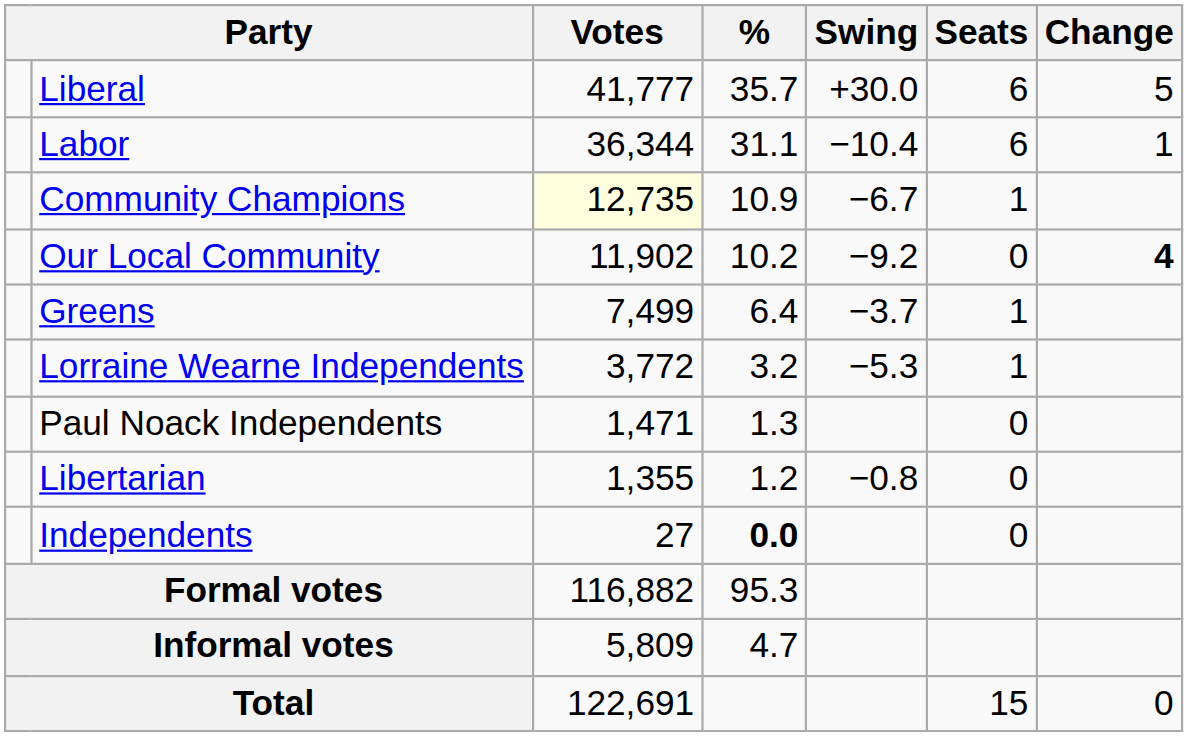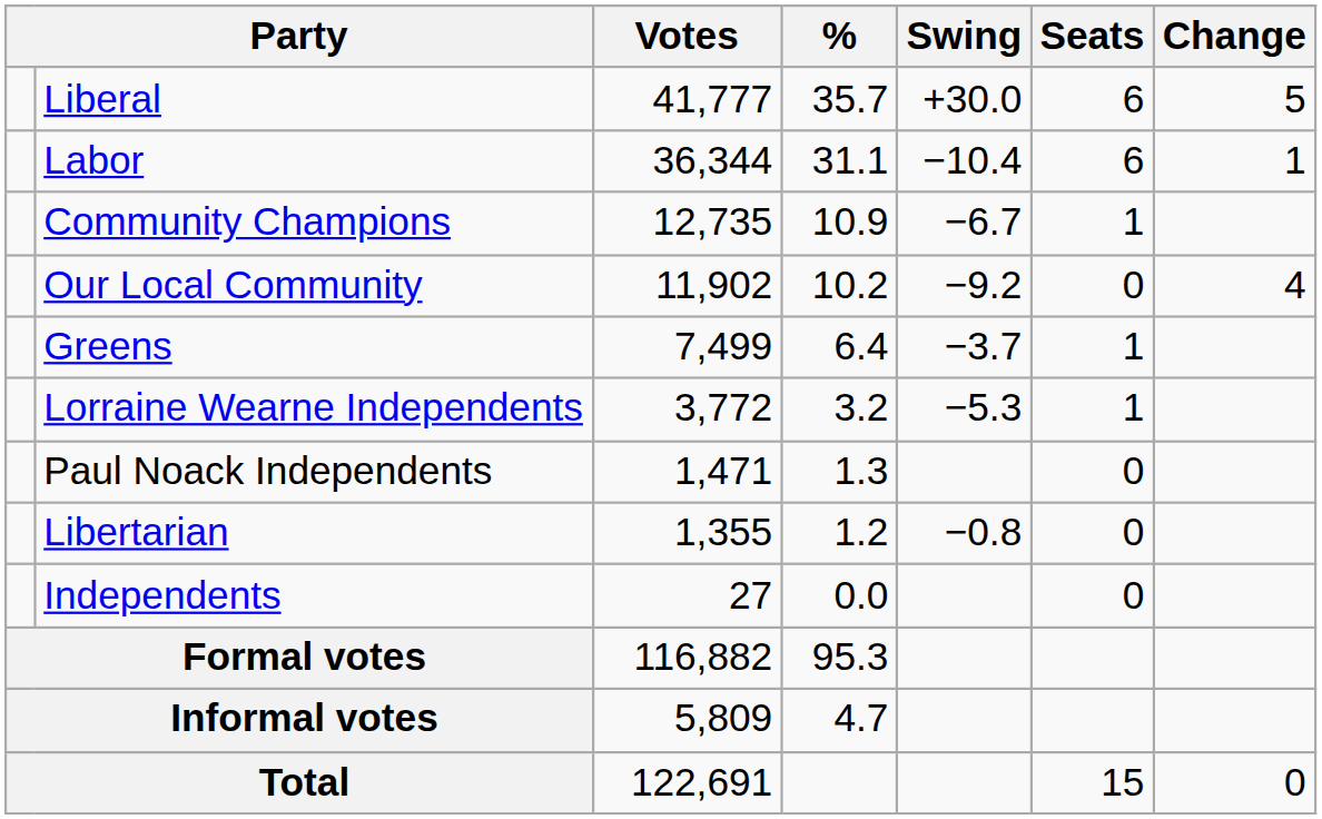 <table class="wikitable" style="text-align:right; margin-bottom:0">
 <tr>
 <th style="width:10px" colspan=3>Party</th>
 <th style="width:70px;">Votes</th>
 <th style="width:40px;">%</th>
 <th style="width:40px;">Swing</th>
 <th style="width:40px;">Seats</th>
 <th style="width:40px;">Change</th>
 </tr>
 <tr>
 <td> </td>
 <td style="text-align:left;" colspan="2"><a href='#'>Liberal</a></td>
 <td>41,777</td>
 <td>35.7</td>
 <td>+30.0</td>
 <td>6</td>
 <td> 5</td>
 </tr>
 <tr>
 <td> </td>
 <td style="text-align:left;" colspan="2"><a href='#'>Labor</a></td>
 <td>36,344</td>
 <td>31.1</td>
 <td>−10.4</td>
 <td>6</td>
 <td> 1</td>
 </tr>
 <tr>
 <td> </td>
 <td style="text-align:left;" colspan="2"><a href='#'>Community Champions</a></td>
-<td style="background: lightyellow;">12,735</td>
+<td>12,735</td>
 <td>10.9</td>
 <td>−6.7</td>
 <td>1</td>
 <td></td>
 </tr>
 <tr>
 <td> </td>
 <td style="text-align:left;" colspan="2"><a href='#'>Our Local Community</a></td>
 <td>11,902</td>
 <td>10.2</td>
 <td>−9.2</td>
 <td>0</td>
-<td><strong> 4</strong></td>
+<td> 4</td>
 </tr>
 <tr>
 <td> </td>
 <td style="text-align:left;" colspan="2"><a href='#'>Greens</a></td>
 <td>7,499</td>
 <td>6.4</td>
 <td>−3.7</td>
 <td>1</td>
 <td></td>
 </tr>
 <tr>
 <td> </td>
 <td style="text-align:left;" colspan="2"><a href='#'>Lorraine Wearne Independents</a></td>
 <td>3,772</td>
 <td>3.2</td>
 <td>−5.3</td>
 <td>1</td>
 <td></td>
 </tr>
 <tr>
 <td> </td>
 <td style="text-align:left;" colspan="2">Paul Noack Independents</td>
 <td>1,471</td>
 <td>1.3</td>
 <td></td>
 <td>0</td>
 <td></td>
 </tr>
 <tr>
 <td> </td>
 <td style="text-align:left;" colspan="2"><a href='#'>Libertarian</a></td>
 <td>1,355</td>
 <td>1.2</td>
 <td>−0.8</td>
 <td>0</td>
 <td></td>
 </tr>
 <tr>
 <td> </td>
 <td style="text-align:left;" colspan="2"><a href='#'>Independents</a></td>
 <td>27</td>
-<td><strong>0.0</strong></td>
+<td>0.0</td>
 <td></td>
 <td>0</td>
 <td></td>
 </tr>
 <tr>
 <th colspan="3" rowspan="1"> Formal votes</th>
 <td>116,882</td>
 <td>95.3</td>
 <td></td>
 <td></td>
 <td></td>
 </tr>
 <tr>
 <th colspan="3" rowspan="1"> Informal votes</th>
 <td>5,809</td>
 <td>4.7</td>
 <td></td>
 <td></td>
 <td></td>
 </tr>
 <tr>
 <th colspan="3" rowspan="1"> <strong>Total </strong></th>
 <td>122,691</td>
 <td></td>
 <td></td>
 <td>15</td>
 <td>0</td>
 </tr>
 </table>
